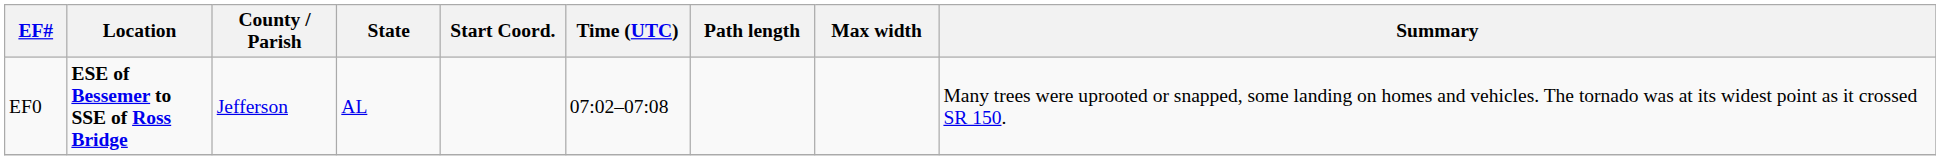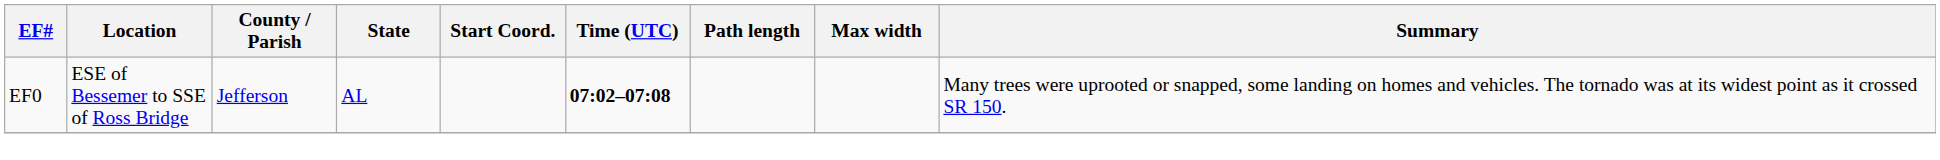 <table class="wikitable sortable" style="width:100%;">
 <tr>
 <th scope="col"  style="width:3%; text-align:center;"><a href='#'>EF#</a></th>
 <th scope="col"  style="width:7%; text-align:center;" class="unsortable">Location</th>
 <th scope="col"  style="width:6%; text-align:center;" class="unsortable">County / Parish</th>
 <th scope="col"  style="width:5%; text-align:center;">State</th>
 <th scope="col"  style="width:6%; text-align:center;">Start Coord.</th>
 <th scope="col"  style="width:6%; text-align:center;">Time (<a href='#'>UTC</a>)</th>
 <th scope="col"  style="width:6%; text-align:center;">Path length</th>
 <th scope="col"  style="width:6%; text-align:center;">Max width</th>
 <th scope="col" class="unsortable" style="width:48%; text-align:center;">Summary</th>
 </tr>
 <tr>
 <td>EF0</td>
-<td><strong>ESE of <a href='#'>Bessemer</a> to SSE of <a href='#'>Ross Bridge</a></strong></td>
+<td>ESE of <a href='#'>Bessemer</a> to SSE of <a href='#'>Ross Bridge</a></td>
 <td><a href='#'>Jefferson</a></td>
 <td><a href='#'>AL</a></td>
 <td></td>
-<td>07:02–07:08</td>
+<td><strong>07:02–07:08</strong></td>
 <td></td>
 <td></td>
 <td>Many trees were uprooted or snapped, some landing on homes and vehicles. The tornado was at its widest point as it crossed <a href='#'>SR 150</a>.</td>
 </tr>
 <tr>
 </tr>
 </table>
